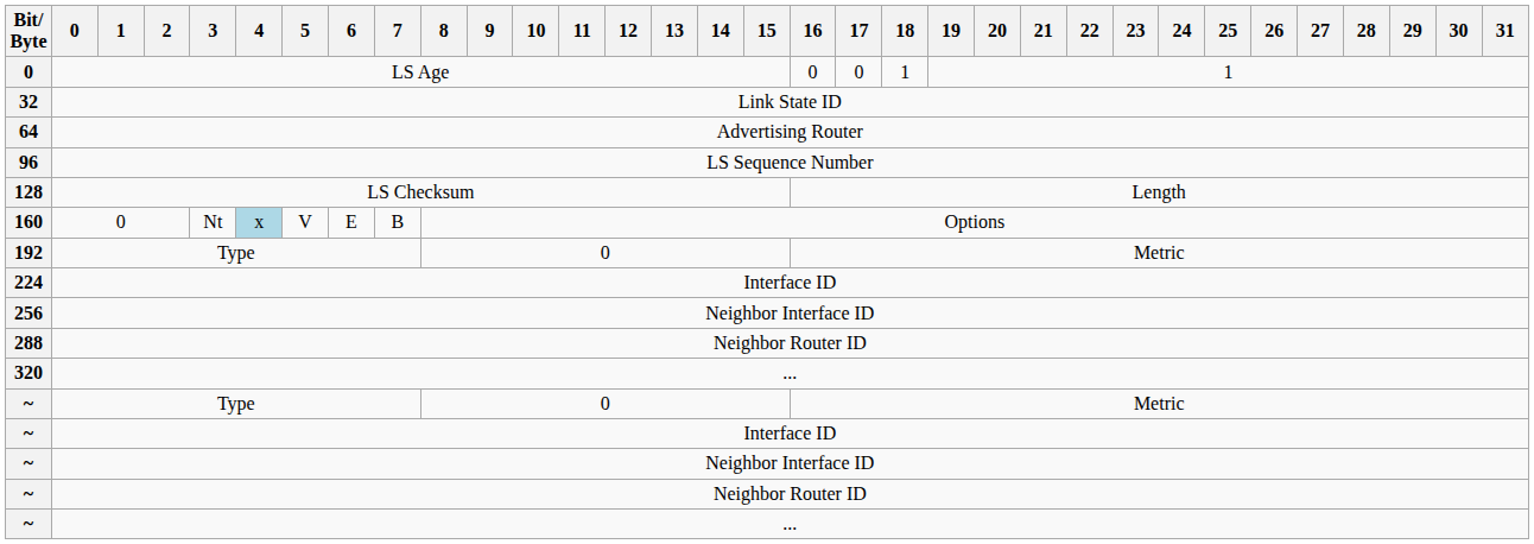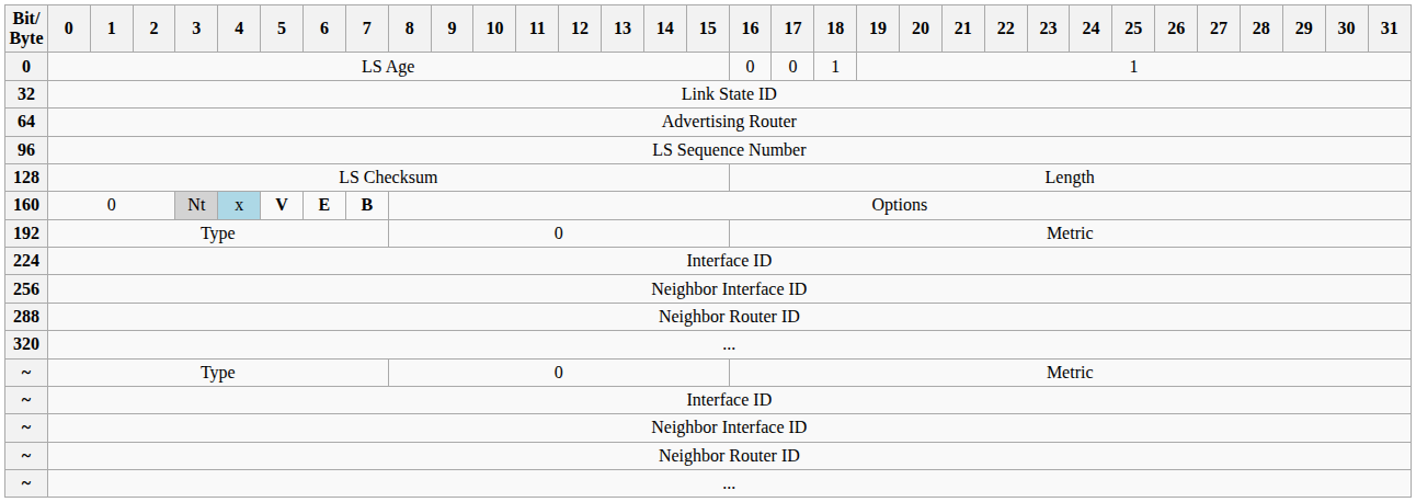 <table class="wikitable" style="text-align:center">
 <tr>
 <th width="3%">Bit/<br>Byte</th>
 <th colspan="1" width="3%">0</th>
 <th colspan="1" width="3%">1</th>
 <th colspan="1" width="3%">2</th>
 <th colspan="1" width="3%">3</th>
 <th colspan="1" width="3%">4</th>
 <th colspan="1" width="3%">5</th>
 <th colspan="1" width="3%">6</th>
 <th colspan="1" width="3%">7</th>
 <th colspan="1" width="3%">8</th>
 <th colspan="1" width="3%">9</th>
 <th colspan="1" width="3%">10</th>
 <th colspan="1" width="3%">11</th>
 <th colspan="1" width="3%">12</th>
 <th colspan="1" width="3%">13</th>
 <th colspan="1" width="3%">14</th>
 <th colspan="1" width="3%">15</th>
 <th colspan="1" width="3%">16</th>
 <th colspan="1" width="3%">17</th>
 <th colspan="1" width="3%">18</th>
 <th colspan="1" width="3%">19</th>
 <th colspan="1" width="3%">20</th>
 <th colspan="1" width="3%">21</th>
 <th colspan="1" width="3%">22</th>
 <th colspan="1" width="3%">23</th>
 <th colspan="1" width="3%">24</th>
 <th colspan="1" width="3%">25</th>
 <th colspan="1" width="3%">26</th>
 <th colspan="1" width="3%">27</th>
 <th colspan="1" width="3%">28</th>
 <th colspan="1" width="3%">29</th>
 <th colspan="1" width="3%">30</th>
 <th colspan="1" width="3%">31</th>
 </tr>
 <tr>
 <th>0</th>
 <td colspan="16">LS Age</td>
 <td colspan="1">0</td>
 <td colspan="1">0</td>
 <td colspan="1">1</td>
 <td colspan="13">1</td>
 </tr>
 <tr>
 <th>32</th>
 <td colspan="32">Link State ID</td>
 </tr>
 <tr>
 <th>64</th>
 <td colspan="32">Advertising Router</td>
 </tr>
 <tr>
 <th>96</th>
 <td colspan="32">LS Sequence Number</td>
 </tr>
 <tr>
 <th>128</th>
 <td colspan="16">LS Checksum</td>
 <td colspan="16">Length</td>
 </tr>
 <tr>
 <th>160</th>
 <td colspan="3">0</td>
-<td colspan="1">Nt</td>
+<td colspan="1" style="background: lightgrey;">Nt</td>
 <td colspan="1" style="background: lightblue;">x</td>
-<td colspan="1">V</td>
-<td colspan="1">E</td>
-<td colspan="1">B</td>
+<td colspan="1"><strong>V</strong></td>
+<td colspan="1"><strong>E</strong></td>
+<td colspan="1"><strong>B</strong></td>
 <td colspan="24">Options</td>
 </tr>
 <tr>
 <th>192</th>
 <td colspan="8">Type</td>
 <td colspan="8">0</td>
 <td colspan="16">Metric</td>
 </tr>
 <tr>
 <th>224</th>
 <td colspan="32">Interface ID</td>
 </tr>
 <tr>
 <th>256</th>
 <td colspan="32">Neighbor Interface ID</td>
 </tr>
 <tr>
 <th>288</th>
 <td colspan="32">Neighbor Router ID</td>
 </tr>
 <tr>
 <th>320</th>
 <td colspan="32">...</td>
 </tr>
 <tr>
 <th>~</th>
 <td colspan="8">Type</td>
 <td colspan="8">0</td>
 <td colspan="16">Metric</td>
 </tr>
 <tr>
 <th>~</th>
 <td colspan="32">Interface ID</td>
 </tr>
 <tr>
 <th>~</th>
 <td colspan="32">Neighbor Interface ID</td>
 </tr>
 <tr>
 <th>~</th>
 <td colspan="32">Neighbor Router ID</td>
 </tr>
 <tr>
 <th>~</th>
 <td colspan="32">...</td>
 </tr>
 </table>
